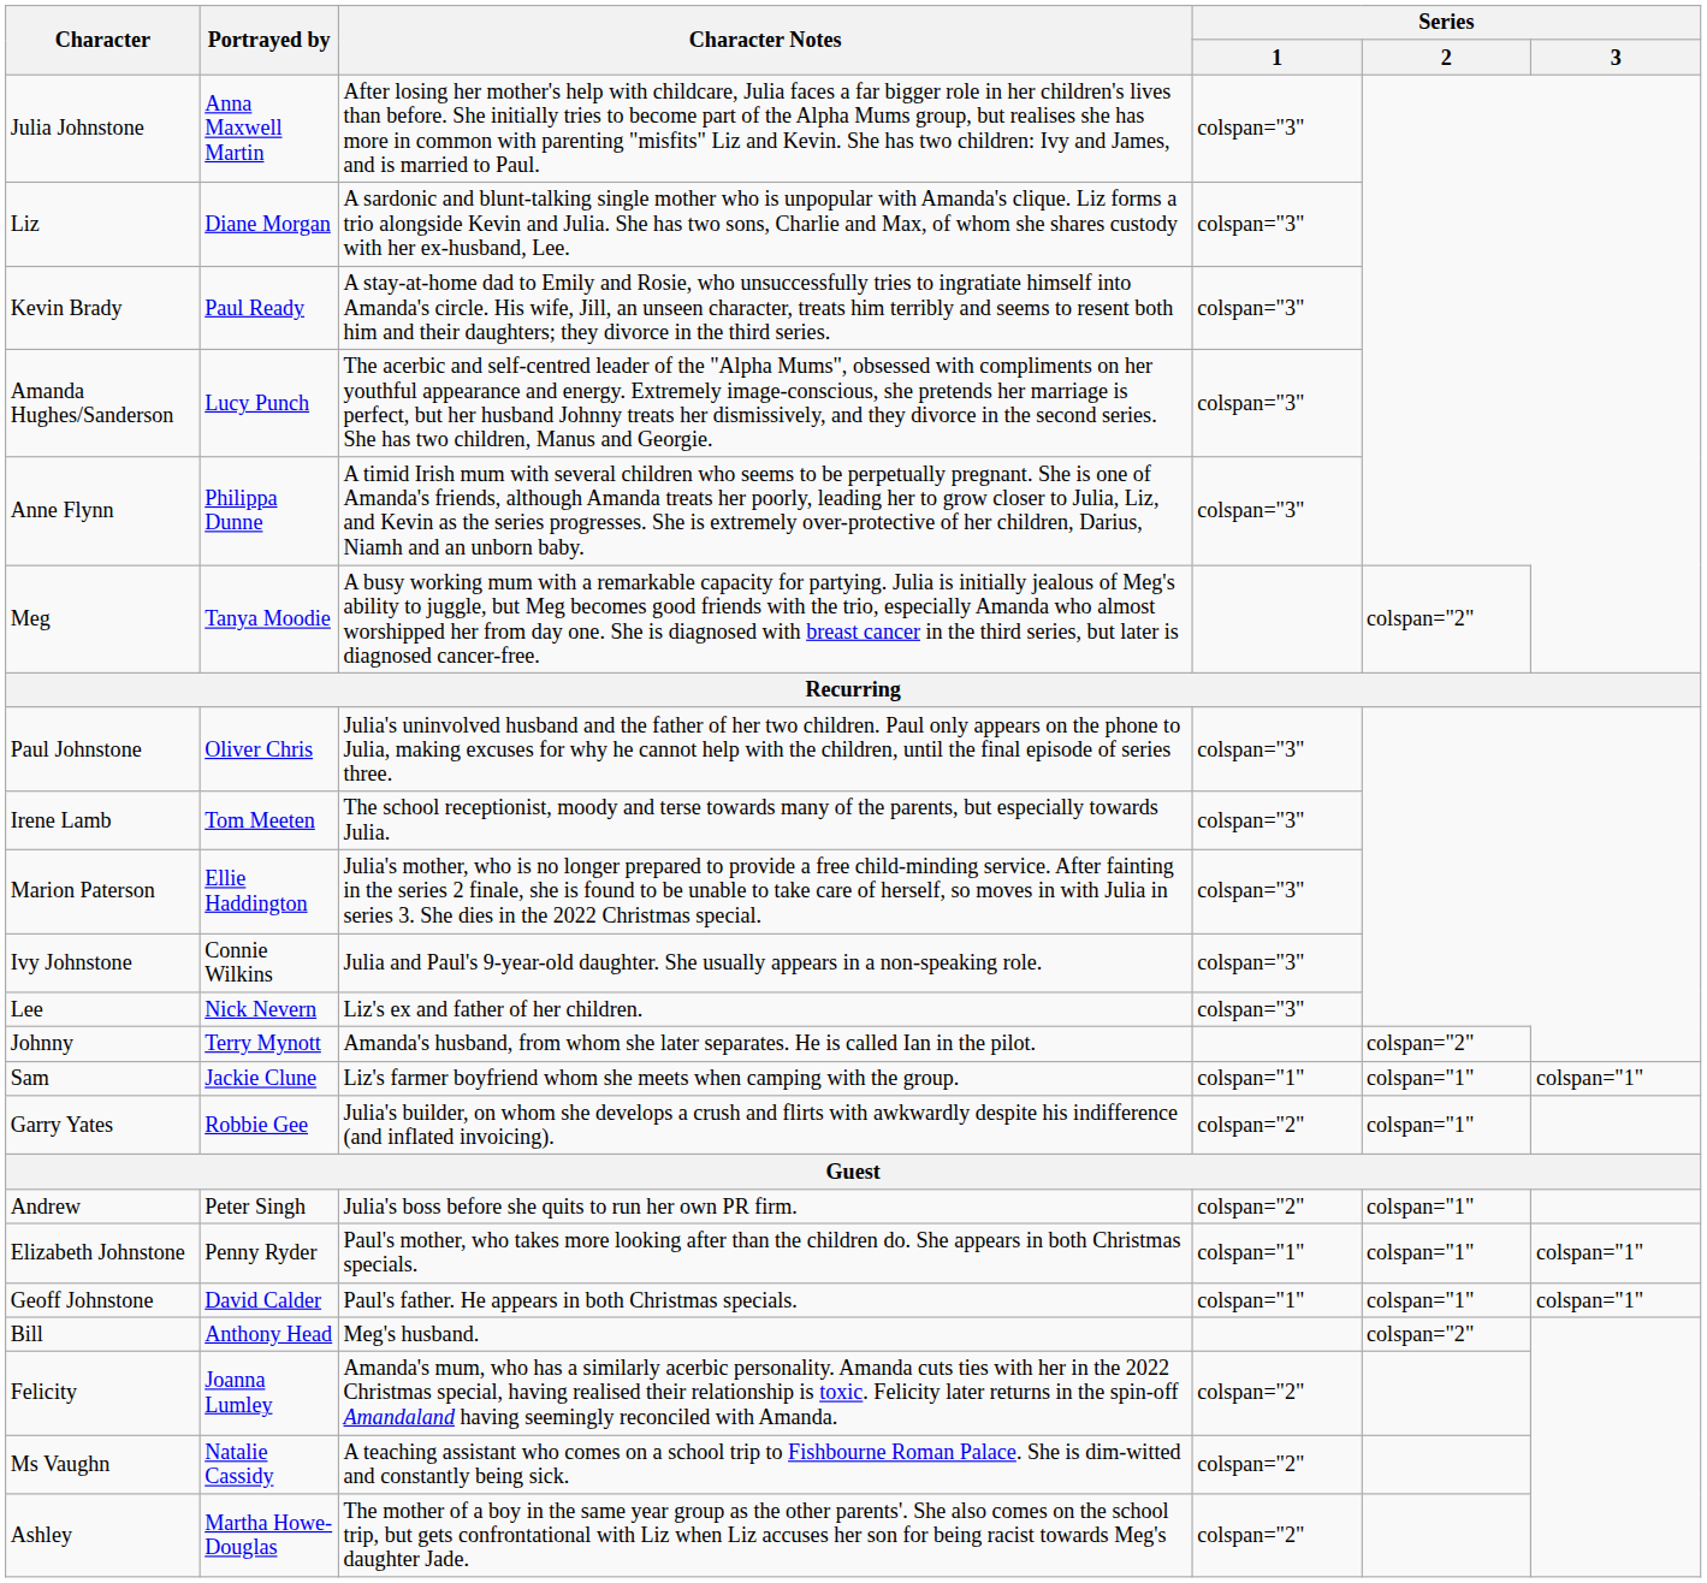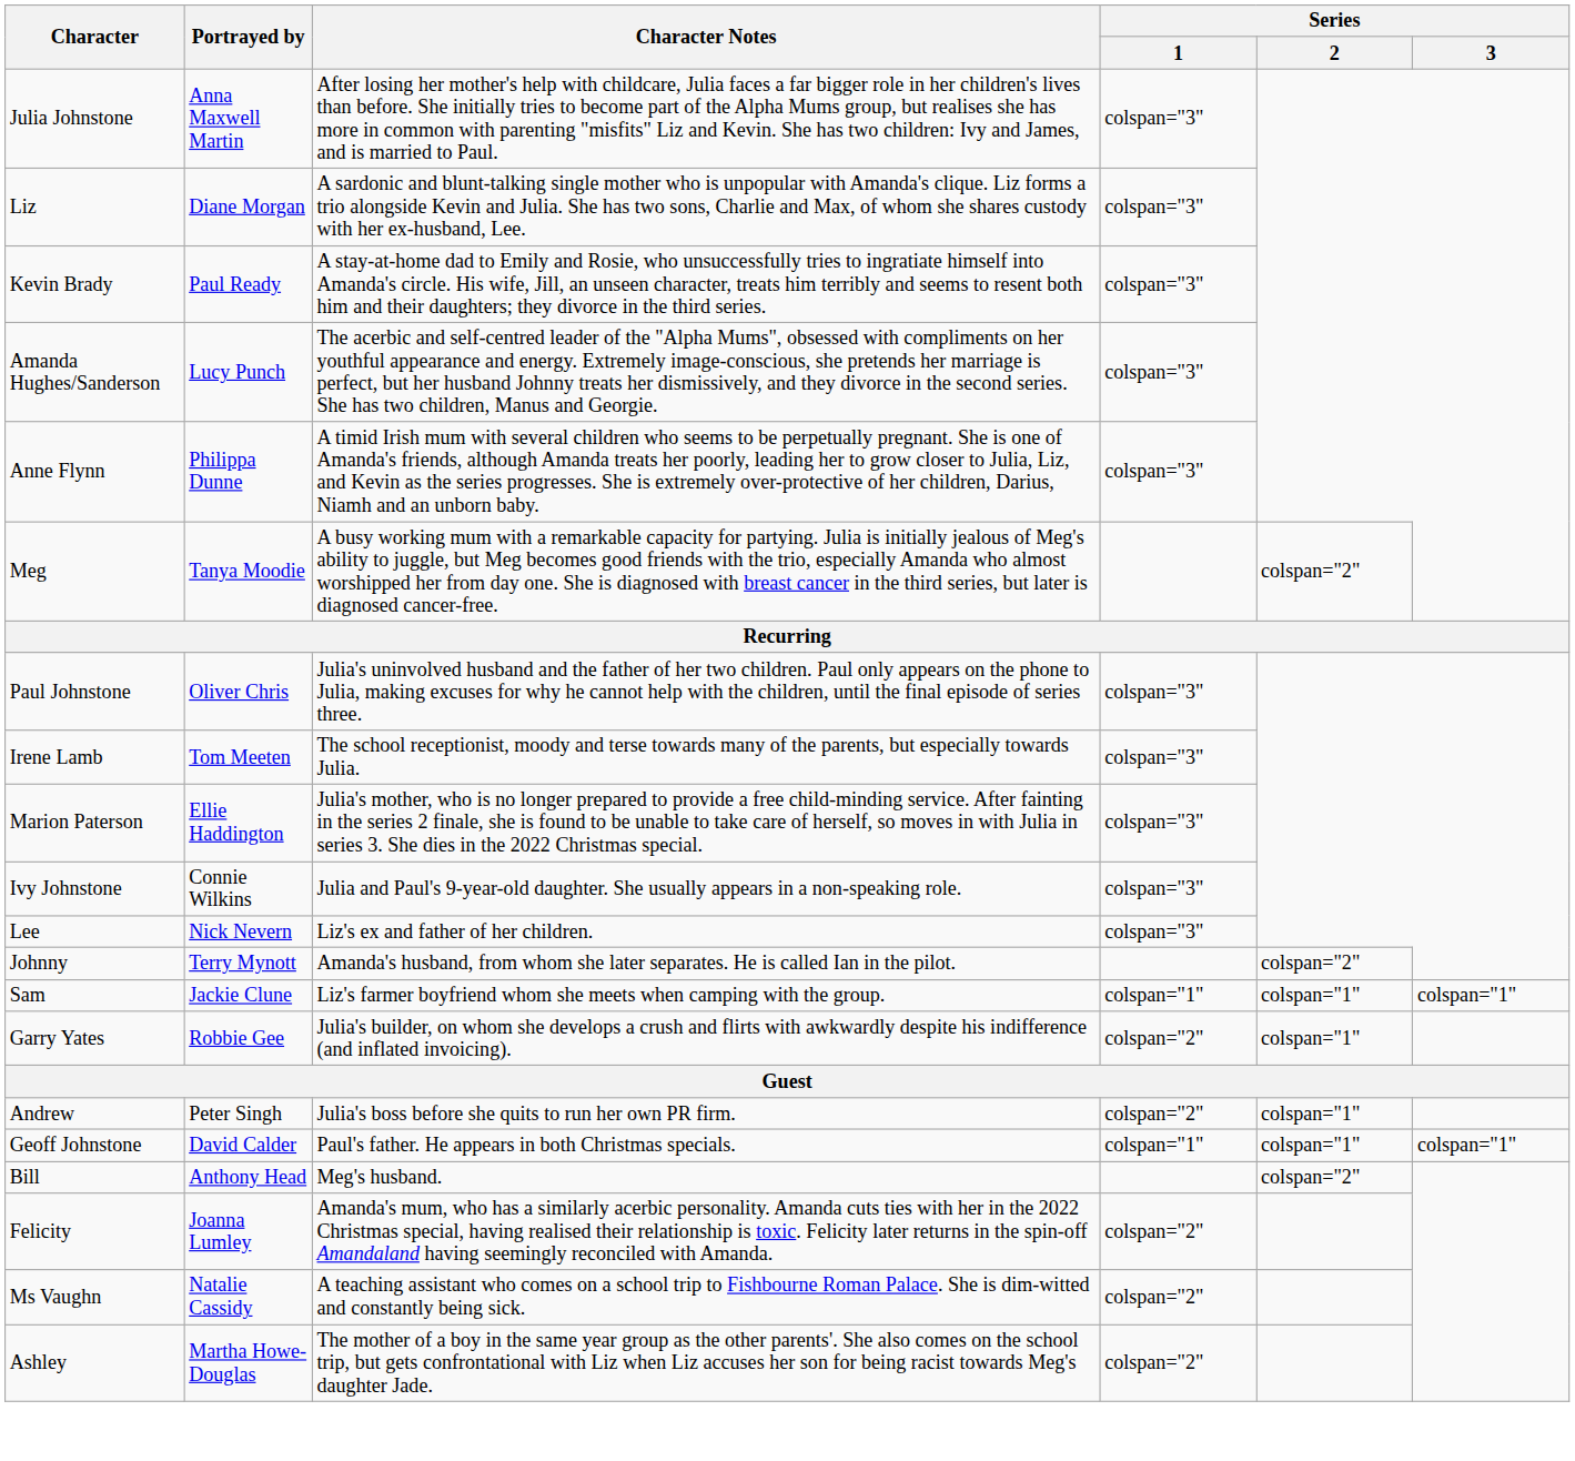 <table class="wikitable">
 <tr>
 <th rowspan="2">Character</th>
 <th rowspan="2">Portrayed by</th>
 <th rowspan="2">Character Notes</th>
 <th colspan="3">Series</th>
 </tr>
 <tr>
 <th width="10%">1</th>
 <th width="10%">2</th>
 <th width="10%">3</th>
 </tr>
 <tr>
 <td>Julia Johnstone</td>
 <td><a href='#'>Anna Maxwell Martin</a></td>
 <td>After losing her mother's help with childcare, Julia faces a far bigger role in her children's lives than before. She initially tries to become part of the Alpha Mums group, but realises she has more in common with parenting "misfits" Liz and Kevin. She has two children: Ivy and James, and is married to Paul.</td>
 <td>colspan="3" </td>
 </tr>
 <tr>
 <td>Liz</td>
 <td><a href='#'>Diane Morgan</a></td>
 <td>A sardonic and blunt-talking single mother who is unpopular with Amanda's clique. Liz forms a trio alongside Kevin and Julia. She has two sons, Charlie and Max, of whom she shares custody with her ex-husband, Lee.</td>
 <td>colspan="3" </td>
 </tr>
 <tr>
 <td>Kevin Brady</td>
 <td><a href='#'>Paul Ready</a></td>
 <td>A stay-at-home dad to Emily and Rosie, who unsuccessfully tries to ingratiate himself into Amanda's circle. His wife, Jill, an unseen character, treats him terribly and seems to resent both him and their daughters; they divorce in the third series.</td>
 <td>colspan="3" </td>
 </tr>
 <tr>
 <td>Amanda Hughes/Sanderson</td>
 <td><a href='#'>Lucy Punch</a></td>
 <td>The acerbic and self-centred leader of the "Alpha Mums", obsessed with compliments on her youthful appearance and energy. Extremely image-conscious, she pretends her marriage is perfect, but her husband Johnny treats her dismissively, and they divorce in the second series. She has two children, Manus and Georgie.</td>
 <td>colspan="3" </td>
 </tr>
 <tr>
 <td>Anne Flynn</td>
 <td><a href='#'>Philippa Dunne</a></td>
 <td>A timid Irish mum with several children who seems to be perpetually pregnant. She is one of Amanda's friends, although Amanda treats her poorly, leading her to grow closer to Julia, Liz, and Kevin as the series progresses. She is extremely over-protective of her children, Darius, Niamh and an unborn baby.</td>
 <td>colspan="3" </td>
 </tr>
 <tr>
 <td>Meg</td>
 <td><a href='#'>Tanya Moodie</a></td>
 <td>A busy working mum with a remarkable capacity for partying. Julia is initially jealous of Meg's ability to juggle, but Meg becomes good friends with the trio, especially Amanda who almost worshipped her from day one. She is diagnosed with <a href='#'>breast cancer</a> in the third series, but later is diagnosed cancer-free.</td>
 <td></td>
 <td>colspan="2" </td>
 </tr>
 <tr>
 <th colspan="6">Recurring</th>
 </tr>
 <tr>
 <td>Paul Johnstone</td>
 <td><a href='#'>Oliver Chris</a></td>
 <td>Julia's uninvolved husband and the father of her two children. Paul only appears on the phone to Julia, making excuses for why he cannot help with the children, until the final episode of series three.</td>
 <td>colspan="3" </td>
 </tr>
 <tr>
 <td>Irene Lamb</td>
 <td><a href='#'>Tom Meeten</a></td>
 <td>The school receptionist, moody and terse towards many of the parents, but especially towards Julia.</td>
 <td>colspan="3" </td>
 </tr>
 <tr>
 <td>Marion Paterson</td>
 <td><a href='#'>Ellie Haddington</a></td>
 <td>Julia's mother, who is no longer prepared to provide a free child-minding service. After fainting in the series 2 finale, she is found to be unable to take care of herself, so moves in with Julia in series 3. She dies in the 2022 Christmas special.</td>
 <td>colspan="3" </td>
 </tr>
 <tr>
 <td>Ivy Johnstone</td>
 <td>Connie Wilkins</td>
 <td>Julia and Paul's 9-year-old daughter. She usually appears in a non-speaking role.</td>
 <td>colspan="3" </td>
 </tr>
 <tr>
 <td>Lee</td>
 <td><a href='#'>Nick Nevern</a></td>
 <td>Liz's ex and father of her children.</td>
 <td>colspan="3" </td>
 </tr>
 <tr>
 <td>Johnny</td>
 <td><a href='#'>Terry Mynott</a></td>
 <td>Amanda's husband, from whom she later separates. He is called Ian in the pilot.</td>
 <td></td>
 <td>colspan="2" </td>
 </tr>
 <tr>
 <td>Sam</td>
 <td><a href='#'>Jackie Clune</a></td>
 <td>Liz's farmer boyfriend whom she meets when camping with the group.</td>
 <td>colspan="1" </td>
 <td>colspan="1" </td>
 <td>colspan="1" </td>
 </tr>
 <tr>
 <td>Garry Yates</td>
 <td><a href='#'>Robbie Gee</a></td>
 <td>Julia's builder, on whom she develops a crush and flirts with awkwardly despite his indifference (and inflated invoicing).</td>
 <td>colspan="2" </td>
 <td>colspan="1" </td>
 </tr>
 <tr>
 <th colspan="6">Guest</th>
 </tr>
 <tr>
 <td>Andrew</td>
 <td>Peter Singh</td>
 <td>Julia's boss before she quits to run her own PR firm.</td>
 <td>colspan="2" </td>
 <td>colspan="1" </td>
 </tr>
 <tr>
-<td>Elizabeth Johnstone</td>
-<td>Penny Ryder</td>
-<td>Paul's mother, who takes more looking after than the children do. She appears in both Christmas specials.</td>
-<td>colspan="1" </td>
-<td>colspan="1" </td>
-<td>colspan="1" </td>
-</tr>
-<tr>
 <td>Geoff Johnstone</td>
 <td><a href='#'>David Calder</a></td>
 <td>Paul's father. He appears in both Christmas specials.</td>
 <td>colspan="1" </td>
 <td>colspan="1" </td>
 <td>colspan="1" </td>
 </tr>
 <tr>
 <td>Bill</td>
 <td><a href='#'>Anthony Head</a></td>
 <td>Meg's husband.</td>
 <td></td>
 <td>colspan="2" </td>
 </tr>
 <tr>
 <td>Felicity</td>
 <td><a href='#'>Joanna Lumley</a></td>
 <td>Amanda's mum, who has a similarly acerbic personality. Amanda cuts ties with her in the 2022 Christmas special, having realised their relationship is <a href='#'>toxic</a>. Felicity later returns in the spin-off <em><a href='#'>Amandaland</a></em> having seemingly reconciled with Amanda.</td>
 <td>colspan="2" </td>
 <td></td>
 </tr>
 <tr>
 <td>Ms Vaughn</td>
 <td><a href='#'>Natalie Cassidy</a></td>
 <td>A teaching assistant who comes on a school trip to <a href='#'>Fishbourne Roman Palace</a>. She is dim-witted and constantly being sick.</td>
 <td>colspan="2" </td>
 <td></td>
 </tr>
 <tr>
 <td>Ashley</td>
 <td><a href='#'>Martha Howe-Douglas</a></td>
 <td>The mother of a boy in the same year group as the other parents'. She also comes on the school trip, but gets confrontational with Liz when Liz accuses her son for being racist towards Meg's daughter Jade.</td>
 <td>colspan="2" </td>
 <td></td>
 </tr>
 </table>
